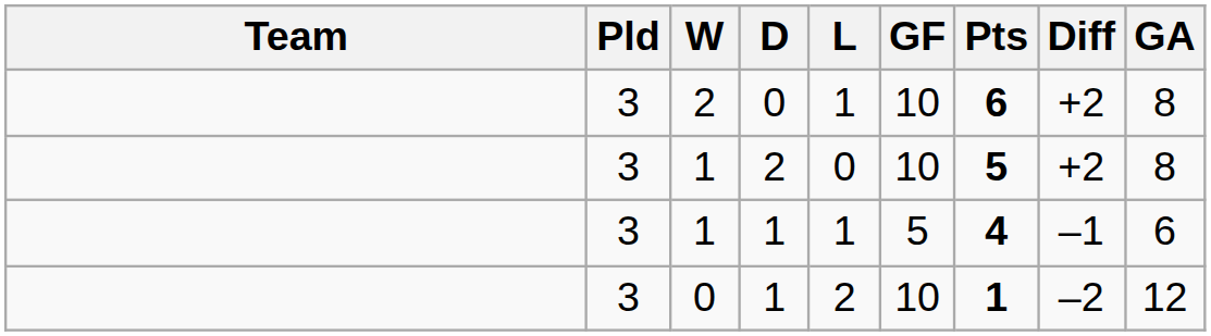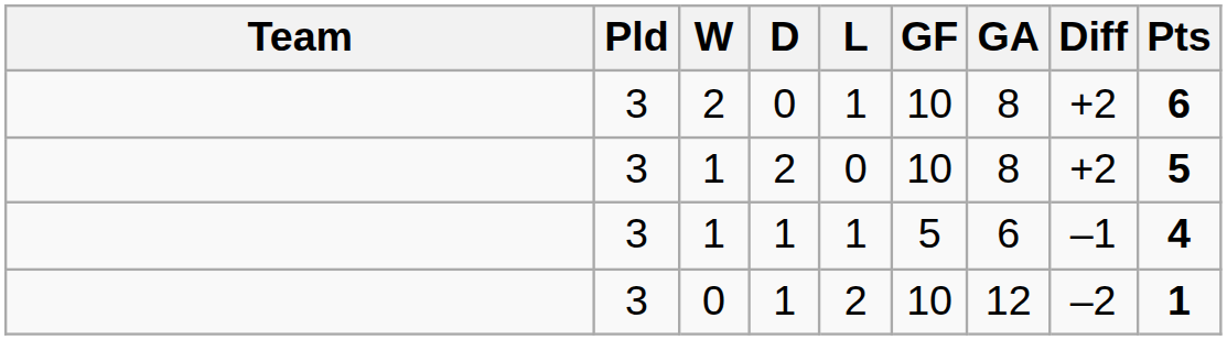 <table class="wikitable" style="text-align: center;">
 <tr>
 <th width=220>Team</th>
 <th width=20>Pld</th>
 <th width=20>W</th>
 <th width=20>D</th>
 <th width=20>L</th>
 <th width=20>GF</th>
+<th width=20>GA</th>
+<th width=20>Diff</th>
 <th width=20>Pts</th>
-<th width=20>Diff</th>
-<th width=20>GA</th>
 </tr>
 <tr>
 <td align="left"></td>
 <td>3</td>
 <td>2</td>
 <td>0</td>
 <td>1</td>
 <td>10</td>
+<td>8</td>
+<td>+2</td>
 <td><strong>6</strong></td>
-<td>+2</td>
-<td>8</td>
 </tr>
 <tr>
 <td align="left"></td>
 <td>3</td>
 <td>1</td>
 <td>2</td>
 <td>0</td>
 <td>10</td>
+<td>8</td>
+<td>+2</td>
 <td><strong>5</strong></td>
-<td>+2</td>
-<td>8</td>
 </tr>
 <tr>
 <td align="left"></td>
 <td>3</td>
 <td>1</td>
 <td>1</td>
 <td>1</td>
 <td>5</td>
+<td>6</td>
+<td>–1</td>
 <td><strong>4</strong></td>
-<td>–1</td>
-<td>6</td>
 </tr>
 <tr>
 <td align="left"></td>
 <td>3</td>
 <td>0</td>
 <td>1</td>
 <td>2</td>
 <td>10</td>
+<td>12</td>
+<td>–2</td>
 <td><strong>1</strong></td>
-<td>–2</td>
-<td>12</td>
 </tr>
 </table>
